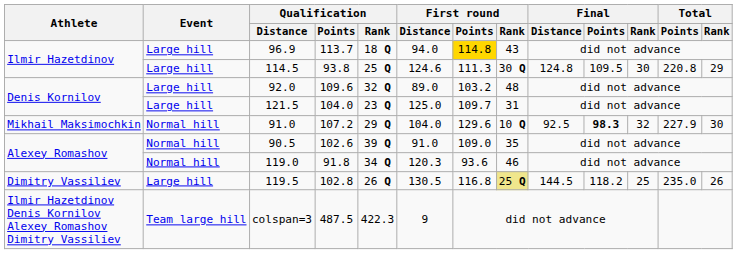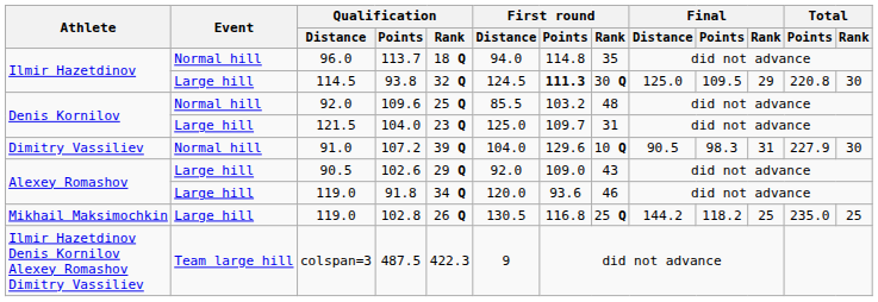 <table class="wikitable" style="font-size:90%">
 <tr>
 <th rowspan=2>Athlete</th>
 <th rowspan=2>Event</th>
 <th colspan=3>Qualification</th>
 <th colspan=3>First round</th>
 <th colspan=3>Final</th>
 <th colspan=2>Total</th>
 </tr>
 <tr style="font-size:95%">
 <th>Distance</th>
 <th>Points</th>
 <th>Rank</th>
 <th>Distance</th>
 <th>Points</th>
 <th>Rank</th>
 <th>Distance</th>
 <th>Points</th>
 <th>Rank</th>
 <th>Points</th>
 <th>Rank</th>
 </tr>
 <tr align=center>
 <td align=left rowspan=2><a href='#'>Ilmir Hazetdinov</a></td>
-<td align=left><a href='#'>Large hill</a></td>
-<td>96.9</td>
+<td align=left><a href='#'>Normal hill</a></td>
+<td>96.0</td>
 <td>113.7</td>
 <td>18 <strong>Q</strong></td>
 <td>94.0</td>
-<td style="background: gold;">114.8</td>
-<td>43</td>
+<td>114.8</td>
+<td>35</td>
 <td colspan=5>did not advance</td>
 </tr>
 <tr align=center>
 <td align=left><a href='#'>Large hill</a></td>
 <td>114.5</td>
 <td>93.8</td>
-<td>25 <strong>Q</strong></td>
-<td>124.6</td>
-<td>111.3</td>
+<td>32 <strong>Q</strong></td>
+<td>124.5</td>
+<td><strong>111.3</strong></td>
 <td>30 <strong>Q</strong></td>
-<td>124.8</td>
+<td>125.0</td>
 <td>109.5</td>
+<td>29</td>
+<td>220.8</td>
 <td>30</td>
-<td>220.8</td>
-<td>29</td>
 </tr>
 <tr align=center>
 <td align=left rowspan=2><a href='#'>Denis Kornilov</a></td>
-<td align=left><a href='#'>Large hill</a></td>
+<td align=left><a href='#'>Normal hill</a></td>
 <td>92.0</td>
 <td>109.6</td>
-<td>32 <strong>Q</strong></td>
-<td>89.0</td>
+<td>25 <strong>Q</strong></td>
+<td>85.5</td>
 <td>103.2</td>
 <td>48</td>
 <td colspan=5>did not advance</td>
 </tr>
 <tr align=center>
 <td align=left><a href='#'>Large hill</a></td>
 <td>121.5</td>
 <td>104.0</td>
 <td>23 <strong>Q</strong></td>
 <td>125.0</td>
 <td>109.7</td>
 <td>31</td>
 <td colspan=5>did not advance</td>
 </tr>
 <tr align=center>
-<td align=left><a href='#'>Mikhail Maksimochkin</a></td>
+<td align=left><a href='#'>Dimitry Vassiliev</a></td>
 <td align=left><a href='#'>Normal hill</a></td>
 <td>91.0</td>
 <td>107.2</td>
-<td>29 <strong>Q</strong></td>
+<td>39 <strong>Q</strong></td>
 <td>104.0</td>
 <td>129.6</td>
 <td>10 <strong>Q</strong></td>
-<td>92.5</td>
-<td><strong>98.3</strong></td>
-<td>32</td>
+<td>90.5</td>
+<td>98.3</td>
+<td>31</td>
 <td>227.9</td>
 <td>30</td>
 </tr>
 <tr align=center>
 <td align=left rowspan=2><a href='#'>Alexey Romashov</a></td>
-<td align=left><a href='#'>Normal hill</a></td>
+<td align=left><a href='#'>Large hill</a></td>
 <td>90.5</td>
 <td>102.6</td>
-<td>39 <strong>Q</strong></td>
-<td>91.0</td>
+<td>29 <strong>Q</strong></td>
+<td>92.0</td>
 <td>109.0</td>
-<td>35</td>
+<td>43</td>
 <td colspan=5>did not advance</td>
 </tr>
 <tr align=center>
-<td align=left><a href='#'>Normal hill</a></td>
+<td align=left><a href='#'>Large hill</a></td>
 <td>119.0</td>
 <td>91.8</td>
 <td>34 <strong>Q</strong></td>
-<td>120.3</td>
+<td>120.0</td>
 <td>93.6</td>
 <td>46</td>
 <td colspan=5>did not advance</td>
 </tr>
 <tr align=center>
-<td align=left><a href='#'>Dimitry Vassiliev</a></td>
+<td align=left><a href='#'>Mikhail Maksimochkin</a></td>
 <td align=left><a href='#'>Large hill</a></td>
-<td>119.5</td>
+<td>119.0</td>
 <td>102.8</td>
 <td>26 <strong>Q</strong></td>
 <td>130.5</td>
 <td>116.8</td>
-<td style="background: khaki;">25 <strong>Q</strong></td>
-<td>144.5</td>
+<td>25 <strong>Q</strong></td>
+<td>144.2</td>
 <td>118.2</td>
 <td>25</td>
 <td>235.0</td>
-<td>26</td>
+<td>25</td>
 </tr>
 <tr align=center>
 <td align=left><a href='#'>Ilmir Hazetdinov</a><br><a href='#'>Denis Kornilov</a><br><a href='#'>Alexey Romashov</a><br><a href='#'>Dimitry Vassiliev</a></td>
 <td align=left><a href='#'>Team large hill</a></td>
 <td>colspan=3 </td>
 <td>487.5</td>
 <td>422.3</td>
 <td>9</td>
 <td colspan=5>did not advance</td>
 </tr>
 </table>
